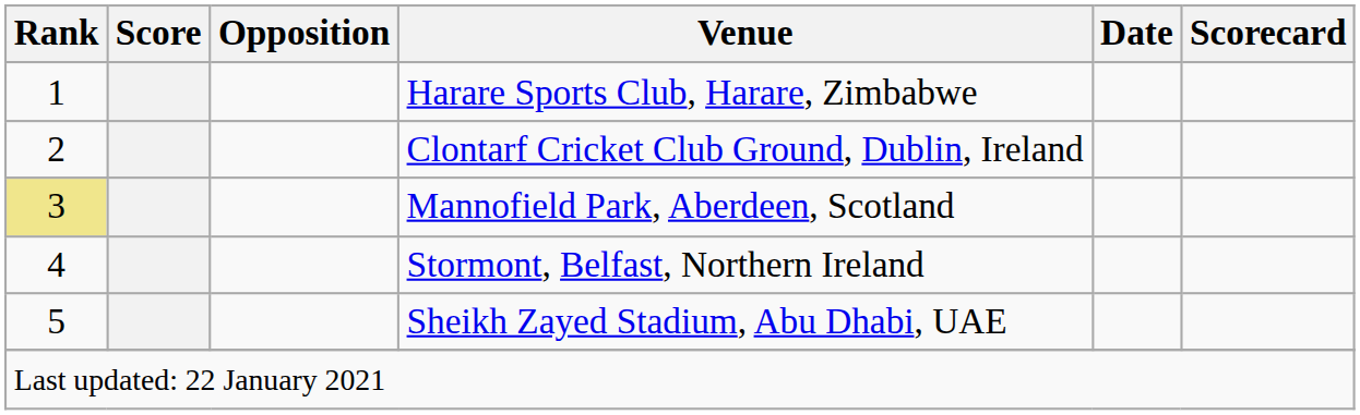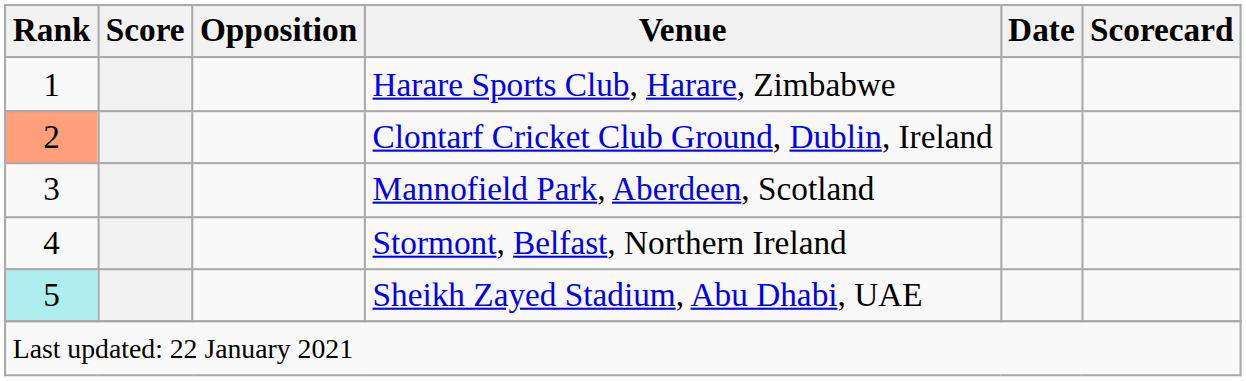 <table class="wikitable plainrowheaders sortable">
 <tr>
 <th scope=col>Rank</th>
 <th scope=col>Score</th>
 <th scope=col>Opposition</th>
 <th scope=col>Venue</th>
 <th scope=col>Date</th>
 <th scope=col>Scorecard</th>
 </tr>
 <tr>
 <td align=center>1</td>
 <th scope=row style=text-align:center;></th>
 <td></td>
 <td><a href='#'>Harare Sports Club</a>, <a href='#'>Harare</a>, Zimbabwe</td>
 <td></td>
 <td></td>
 </tr>
 <tr>
-<td align=center>2</td>
+<td align=center style="background: lightsalmon;">2</td>
 <th scope=row style=text-align:center;></th>
 <td></td>
 <td><a href='#'>Clontarf Cricket Club Ground</a>, <a href='#'>Dublin</a>, Ireland</td>
 <td></td>
 <td></td>
 </tr>
 <tr>
-<td align=center style="background: khaki;">3</td>
+<td align=center>3</td>
 <th scope=row style=text-align:center;></th>
 <td></td>
 <td><a href='#'>Mannofield Park</a>, <a href='#'>Aberdeen</a>, Scotland</td>
 <td></td>
 <td></td>
 </tr>
 <tr>
 <td align=center>4</td>
 <th scope=row style=text-align:center;></th>
 <td></td>
 <td><a href='#'>Stormont</a>, <a href='#'>Belfast</a>, Northern Ireland</td>
 <td></td>
 <td></td>
 </tr>
 <tr>
-<td align=center>5</td>
+<td align=center style="background: paleturquoise;">5</td>
 <th scope=row style=text-align:center;></th>
 <td></td>
 <td><a href='#'>Sheikh Zayed Stadium</a>, <a href='#'>Abu Dhabi</a>, UAE</td>
 <td></td>
 <td></td>
 </tr>
 <tr>
 </tr>
 <tr class=sortbottom>
 <td colspan=6><small>Last updated: 22 January 2021</small></td>
 </tr>
 </table>
